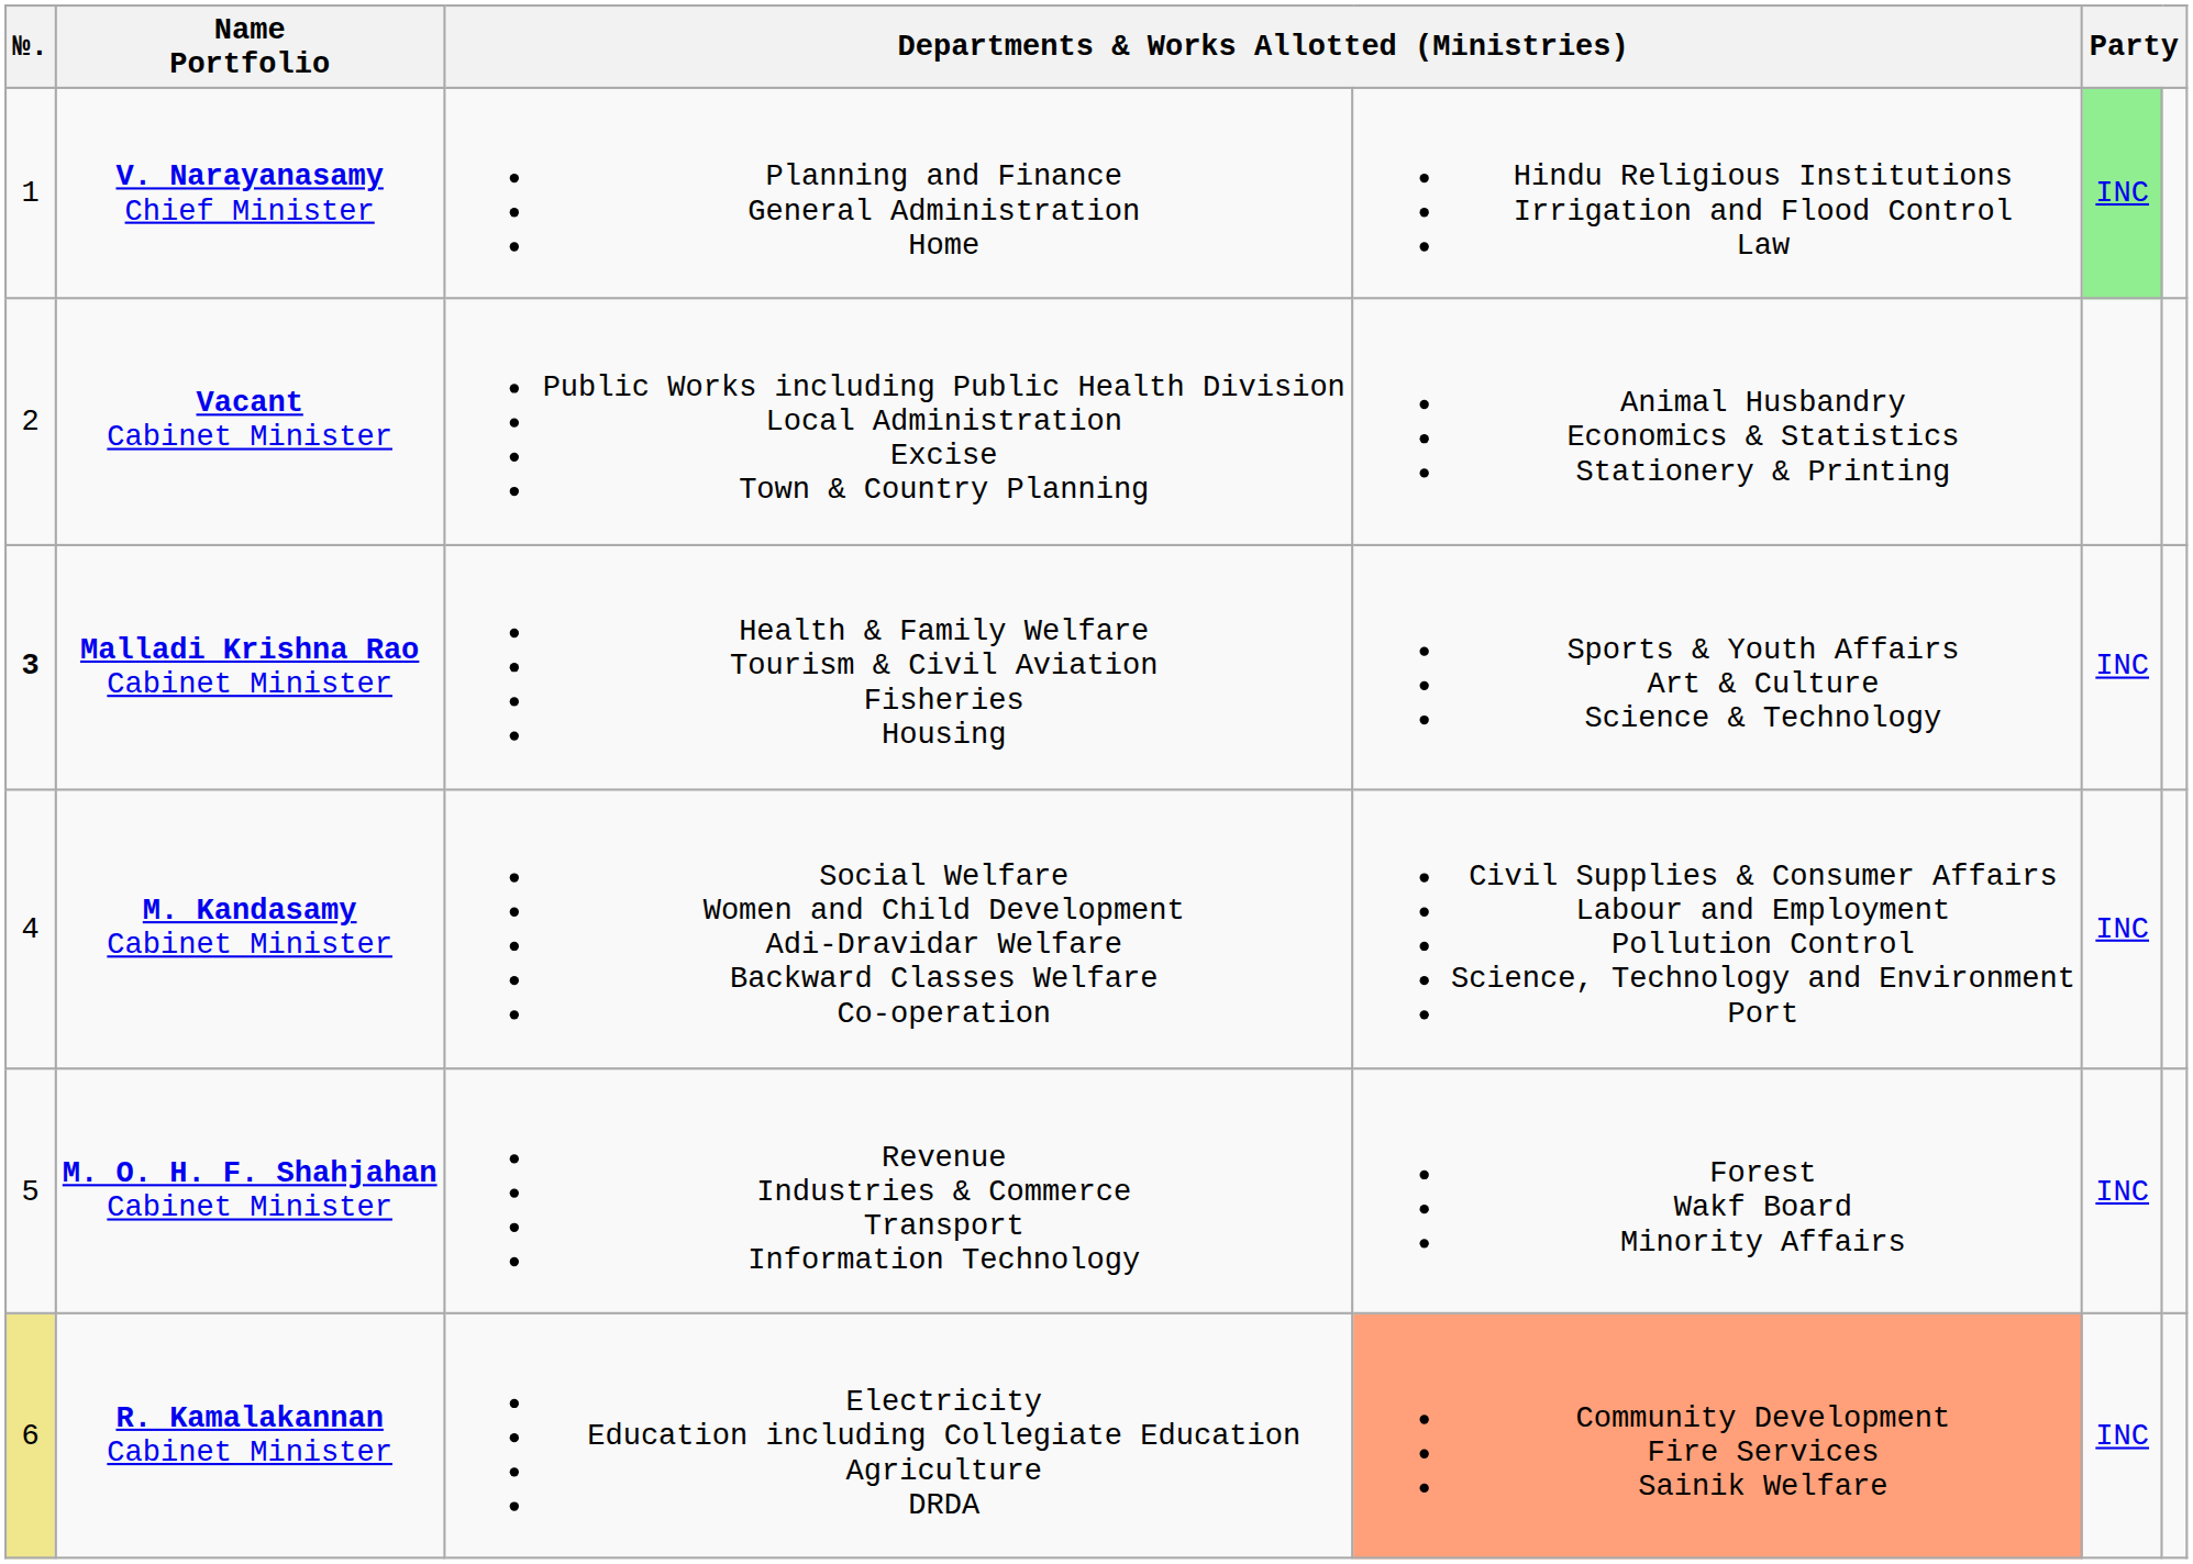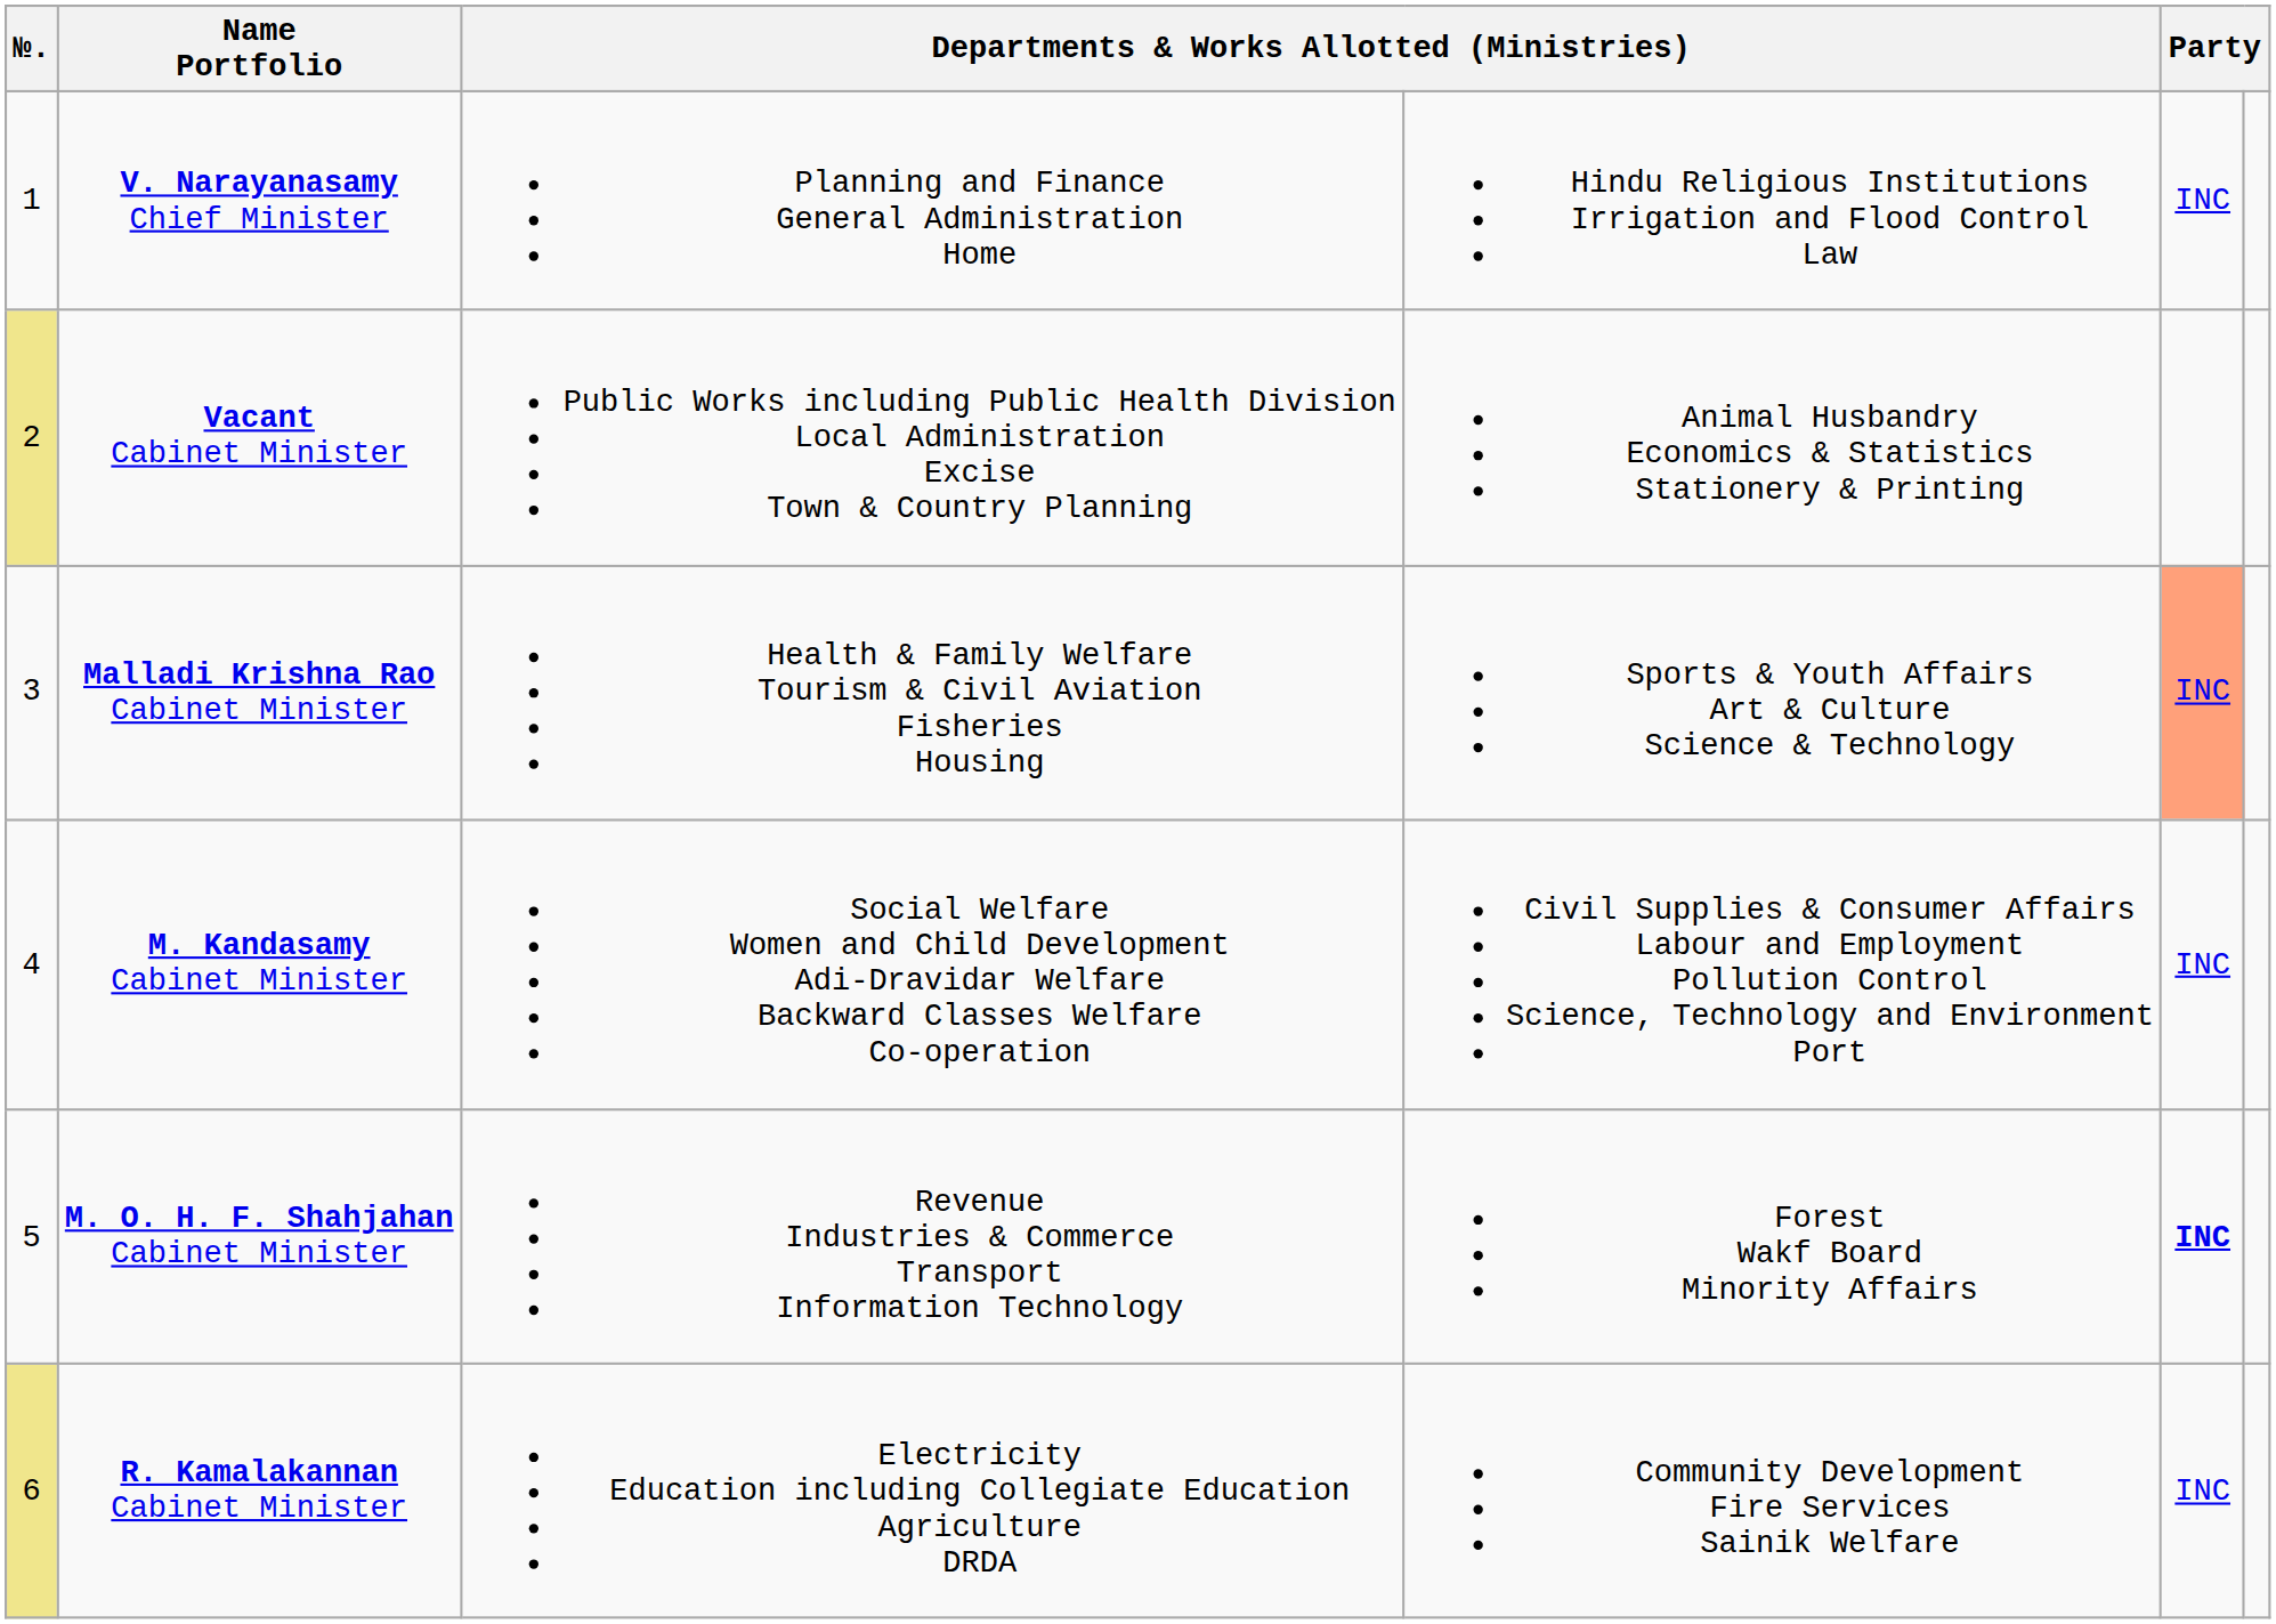 <table class="wikitable sortable">
 <tr>
 <th>№.</th>
 <th>Name<br>Portfolio<br></th>
 <th colspan=2>Departments & Works Allotted (Ministries)</th>
 <th colspan="2" scope="col">Party</th>
 </tr>
 <tr style="text-align:center">
 <td>1</td>
 <td><strong><a href='#'>V. Narayanasamy</a></strong><br><a href='#'>Chief Minister</a><br></td>
 <td><br><ul><li>Planning and Finance</li><li>General Administration</li><li>Home</li></ul></td>
 <td><br><ul><li>Hindu Religious Institutions</li><li>Irrigation and Flood Control</li><li>Law</li></ul></td>
-<td style="background: lightgreen;"><a href='#'>INC</a></td>
+<td><a href='#'>INC</a></td>
 <td width="4px"></td>
 </tr>
 <tr style="text-align:center">
-<td>2</td>
+<td style="background: khaki;">2</td>
 <td><strong><a href='#'>Vacant</a></strong><br><a href='#'>Cabinet Minister</a><br></td>
 <td><br><ul><li>Public Works including Public Health Division</li><li>Local Administration</li><li>Excise</li><li>Town & Country Planning</li></ul></td>
 <td><br><ul><li>Animal Husbandry</li><li>Economics & Statistics</li><li>Stationery & Printing</li></ul></td>
 <td></td>
 <td></td>
 </tr>
 <tr style="text-align:center">
-<td><strong>3</strong></td>
+<td>3</td>
 <td><strong><a href='#'>Malladi Krishna Rao</a></strong><br><a href='#'>Cabinet Minister</a><br></td>
 <td><br><ul><li>Health & Family Welfare</li><li>Tourism & Civil Aviation</li><li>Fisheries</li><li>Housing</li></ul></td>
 <td><br><ul><li>Sports & Youth Affairs</li><li>Art & Culture</li><li>Science & Technology</li></ul></td>
-<td><a href='#'>INC</a></td>
+<td style="background: lightsalmon;"><a href='#'>INC</a></td>
 <td width="4px"></td>
 </tr>
 <tr style="text-align:center">
 <td>4</td>
 <td><strong><a href='#'>M. Kandasamy</a></strong><br><a href='#'>Cabinet Minister</a><br></td>
 <td><br><ul><li>Social Welfare</li><li>Women and Child Development</li><li>Adi-Dravidar Welfare</li><li>Backward Classes Welfare</li><li>Co-operation</li></ul></td>
 <td><br><ul><li>Civil Supplies & Consumer Affairs</li><li>Labour and Employment</li><li>Pollution Control</li><li>Science, Technology and Environment</li><li>Port</li></ul></td>
 <td><a href='#'>INC</a></td>
 <td width="4px"></td>
 </tr>
 <tr style="text-align:center">
 <td>5</td>
 <td><strong><a href='#'>M. O. H. F. Shahjahan</a></strong><br><a href='#'>Cabinet Minister</a><br></td>
 <td><br><ul><li>Revenue</li><li>Industries & Commerce</li><li>Transport</li><li>Information Technology</li></ul></td>
 <td><br><ul><li>Forest</li><li>Wakf Board</li><li>Minority Affairs</li></ul></td>
-<td><a href='#'>INC</a></td>
+<td><strong><a href='#'>INC</a></strong></td>
 <td width="4px"></td>
 </tr>
 <tr style="text-align:center">
 <td style="background: khaki;">6</td>
 <td><strong><a href='#'>R. Kamalakannan</a></strong><br><a href='#'>Cabinet Minister</a><br></td>
 <td><br><ul><li>Electricity</li><li>Education including Collegiate Education</li><li>Agriculture</li><li>DRDA</li></ul></td>
-<td style="background: lightsalmon;"><br><ul><li>Community Development</li><li>Fire Services</li><li>Sainik Welfare</li></ul></td>
+<td><br><ul><li>Community Development</li><li>Fire Services</li><li>Sainik Welfare</li></ul></td>
 <td><a href='#'>INC</a></td>
 <td width="4px"></td>
 </tr>
 </table>
